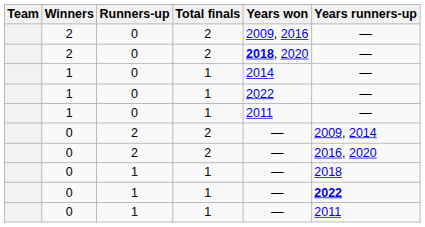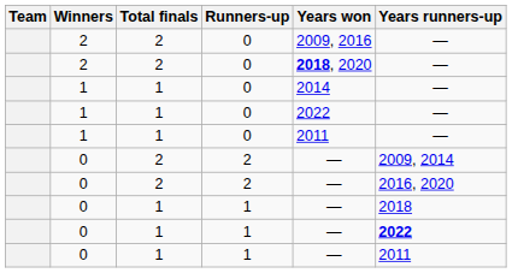 <table class="wikitable sortable plainrowheaders" style="text-align:center;">
 <tr>
 <th scope="col">Team</th>
 <th scope="col">Winners</th>
+<th scope="col">Total finals</th>
 <th scope="col">Runners-up</th>
-<th scope="col">Total finals</th>
 <th class="unsortable" scope="col">Years won</th>
 <th class="unsortable" scope="col">Years runners-up</th>
 </tr>
 <tr>
 <th scope="row" style="text-align:left"></th>
 <td>2</td>
+<td>2</td>
 <td>0</td>
-<td>2</td>
 <td style="text-align:left"><a href='#'>2009</a>, <a href='#'>2016</a></td>
 <td style="text-align:center">—</td>
 </tr>
 <tr>
 <th scope="row" style="text-align:left"></th>
 <td>2</td>
+<td>2</td>
 <td>0</td>
-<td>2</td>
 <td style="text-align:left"><strong><a href='#'>2018</a></strong>, <a href='#'>2020</a></td>
 <td style="text-align:center">—</td>
 </tr>
 <tr>
 <th scope="row" style="text-align:left"></th>
 <td>1</td>
+<td>1</td>
 <td>0</td>
-<td>1</td>
 <td style="text-align:left"><a href='#'>2014</a></td>
 <td style="text-align:center">—</td>
 </tr>
 <tr>
 <th scope="row" style="text-align:left"></th>
 <td>1</td>
+<td>1</td>
 <td>0</td>
-<td>1</td>
 <td style="text-align:left"><a href='#'>2022</a></td>
 <td style="text-align:center">—</td>
 </tr>
 <tr>
 <th scope="row" style="text-align:left"></th>
 <td>1</td>
+<td>1</td>
 <td>0</td>
-<td>1</td>
 <td style="text-align:left"><a href='#'>2011</a></td>
 <td style="text-align:center">—</td>
 </tr>
 <tr>
 <th scope="row" style="text-align:left"></th>
 <td>0</td>
 <td>2</td>
 <td>2</td>
 <td style="text-align:center">—</td>
 <td style="text-align:left"><a href='#'>2009</a>, <a href='#'>2014</a></td>
 </tr>
 <tr>
 <th scope="row" style="text-align:left"></th>
 <td>0</td>
 <td>2</td>
 <td>2</td>
 <td style="text-align:center">—</td>
 <td style="text-align:left"><a href='#'>2016</a>, <a href='#'>2020</a></td>
 </tr>
 <tr>
 <th scope="row" style="text-align:left"></th>
 <td>0</td>
 <td>1</td>
 <td>1</td>
 <td style="text-align:center">—</td>
 <td style="text-align:left"><a href='#'>2018</a></td>
 </tr>
 <tr>
 <th scope="row" style="text-align:left"></th>
 <td>0</td>
 <td>1</td>
 <td>1</td>
 <td style="text-align:center">—</td>
 <td style="text-align:left"><strong><a href='#'>2022</a></strong></td>
 </tr>
 <tr>
 <th scope="row" style="text-align:left"></th>
 <td>0</td>
 <td>1</td>
 <td>1</td>
 <td style="text-align:center">—</td>
 <td style="text-align:left"><a href='#'>2011</a></td>
 </tr>
 </table>
